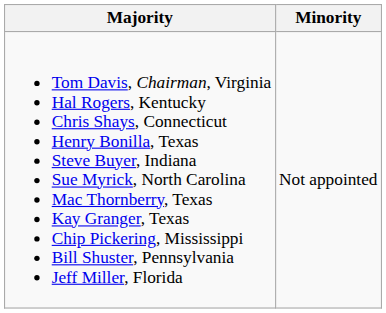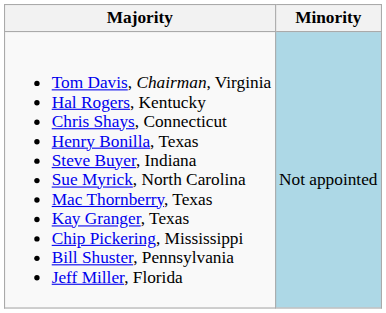 <table class=wikitable>
 <tr>
 <th>Majority</th>
 <th>Minority</th>
 </tr>
 <tr>
 <td><br><ul><li><a href='#'>Tom Davis</a>, <em>Chairman</em>, Virginia</li><li><a href='#'>Hal Rogers</a>, Kentucky</li><li><a href='#'>Chris Shays</a>, Connecticut</li><li><a href='#'>Henry Bonilla</a>, Texas</li><li><a href='#'>Steve Buyer</a>, Indiana</li><li><a href='#'>Sue Myrick</a>, North Carolina</li><li><a href='#'>Mac Thornberry</a>, Texas</li><li><a href='#'>Kay Granger</a>, Texas</li><li><a href='#'>Chip Pickering</a>, Mississippi</li><li><a href='#'>Bill Shuster</a>, Pennsylvania</li><li><a href='#'>Jeff Miller</a>, Florida</li></ul></td>
-<td><br>Not appointed</td>
+<td style="background: lightblue;"><br>Not appointed</td>
 </tr>
 </table>
